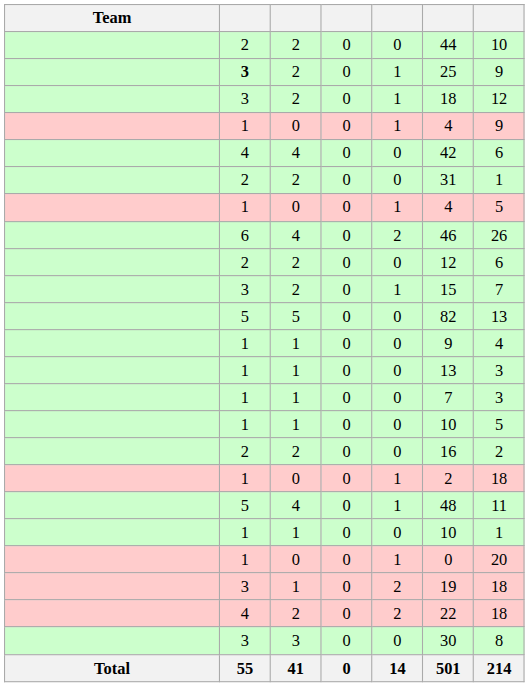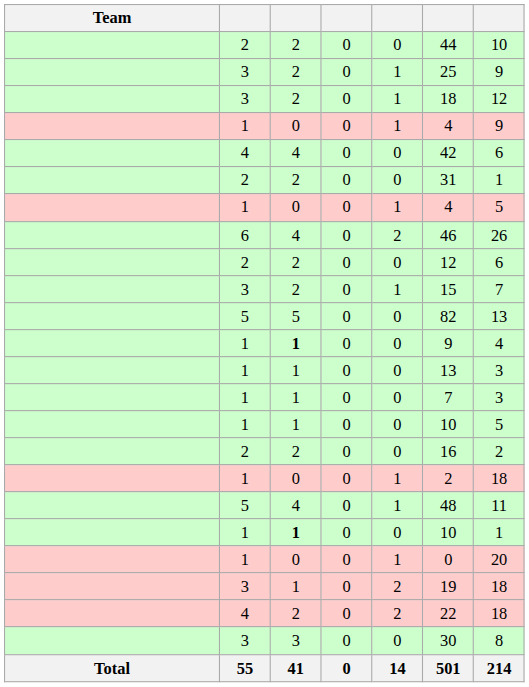 <table class="wikitable" style="font-size:95%; text-align:center">
 <tr>
 <th width=192>Team</th>
 <th width=40></th>
 <th width=40></th>
 <th width=40></th>
 <th width=40></th>
 <th width=40></th>
 <th width=40></th>
 </tr>
 <tr bgcolor=#CCFFCC>
 <td align=left></td>
 <td>2</td>
 <td>2</td>
 <td>0</td>
 <td>0</td>
 <td>44</td>
 <td>10</td>
 </tr>
 <tr bgcolor=#CCFFCC>
 <td align=left></td>
-<td><strong>3</strong></td>
+<td>3</td>
 <td>2</td>
 <td>0</td>
 <td>1</td>
 <td>25</td>
 <td>9</td>
 </tr>
 <tr bgcolor=#CCFFCC>
 <td align=left></td>
 <td>3</td>
 <td>2</td>
 <td>0</td>
 <td>1</td>
 <td>18</td>
 <td>12</td>
 </tr>
 <tr bgcolor=#FFCCCC>
 <td align=left></td>
 <td>1</td>
 <td>0</td>
 <td>0</td>
 <td>1</td>
 <td>4</td>
 <td>9</td>
 </tr>
 <tr bgcolor=#CCFFCC>
 <td align=left></td>
 <td>4</td>
 <td>4</td>
 <td>0</td>
 <td>0</td>
 <td>42</td>
 <td>6</td>
 </tr>
 <tr bgcolor=#CCFFCC>
 <td align=left></td>
 <td>2</td>
 <td>2</td>
 <td>0</td>
 <td>0</td>
 <td>31</td>
 <td>1</td>
 </tr>
 <tr bgcolor=#FFCCCC>
 <td align=left></td>
 <td>1</td>
 <td>0</td>
 <td>0</td>
 <td>1</td>
 <td>4</td>
 <td>5</td>
 </tr>
 <tr bgcolor=#CCFFCC>
 <td align=left></td>
 <td>6</td>
 <td>4</td>
 <td>0</td>
 <td>2</td>
 <td>46</td>
 <td>26</td>
 </tr>
 <tr bgcolor=#CCFFCC>
 <td align=left></td>
 <td>2</td>
 <td>2</td>
 <td>0</td>
 <td>0</td>
 <td>12</td>
 <td>6</td>
 </tr>
 <tr bgcolor=#CCFFCC>
 <td align=left></td>
 <td>3</td>
 <td>2</td>
 <td>0</td>
 <td>1</td>
 <td>15</td>
 <td>7</td>
 </tr>
 <tr bgcolor=#CCFFCC>
 <td align=left></td>
 <td>5</td>
 <td>5</td>
 <td>0</td>
 <td>0</td>
 <td>82</td>
 <td>13</td>
 </tr>
 <tr bgcolor=#CCFFCC>
 <td align=left></td>
 <td>1</td>
-<td>1</td>
+<td><strong>1</strong></td>
 <td>0</td>
 <td>0</td>
 <td>9</td>
 <td>4</td>
 </tr>
 <tr bgcolor=#CCFFCC>
 <td align=left></td>
 <td>1</td>
 <td>1</td>
 <td>0</td>
 <td>0</td>
 <td>13</td>
 <td>3</td>
 </tr>
 <tr bgcolor=#CCFFCC>
 <td align=left></td>
 <td>1</td>
 <td>1</td>
 <td>0</td>
 <td>0</td>
 <td>7</td>
 <td>3</td>
 </tr>
 <tr bgcolor=#CCFFCC>
 <td align=left></td>
 <td>1</td>
 <td>1</td>
 <td>0</td>
 <td>0</td>
 <td>10</td>
 <td>5</td>
 </tr>
 <tr bgcolor=#CCFFCC>
 <td align=left></td>
 <td>2</td>
 <td>2</td>
 <td>0</td>
 <td>0</td>
 <td>16</td>
 <td>2</td>
 </tr>
 <tr bgcolor=#FFCCCC>
 <td align=left></td>
 <td>1</td>
 <td>0</td>
 <td>0</td>
 <td>1</td>
 <td>2</td>
 <td>18</td>
 </tr>
 <tr bgcolor=#CCFFCC>
 <td align=left></td>
 <td>5</td>
 <td>4</td>
 <td>0</td>
 <td>1</td>
 <td>48</td>
 <td>11</td>
 </tr>
 <tr bgcolor=#CCFFCC>
 <td align=left></td>
 <td>1</td>
-<td>1</td>
+<td><strong>1</strong></td>
 <td>0</td>
 <td>0</td>
 <td>10</td>
 <td>1</td>
 </tr>
 <tr bgcolor=#FFCCCC>
 <td align=left></td>
 <td>1</td>
 <td>0</td>
 <td>0</td>
 <td>1</td>
 <td>0</td>
 <td>20</td>
 </tr>
 <tr bgcolor=#FFCCCC>
 <td align=left></td>
 <td>3</td>
 <td>1</td>
 <td>0</td>
 <td>2</td>
 <td>19</td>
 <td>18</td>
 </tr>
 <tr bgcolor=#FFCCCC>
 <td align=left></td>
 <td>4</td>
 <td>2</td>
 <td>0</td>
 <td>2</td>
 <td>22</td>
 <td>18</td>
 </tr>
 <tr bgcolor=#CCFFCC>
 <td align=left></td>
 <td>3</td>
 <td>3</td>
 <td>0</td>
 <td>0</td>
 <td>30</td>
 <td>8</td>
 </tr>
 <tr>
 <th>Total</th>
 <th>55</th>
 <th>41</th>
 <th>0</th>
 <th>14</th>
 <th>501</th>
 <th>214</th>
 </tr>
 </table>
